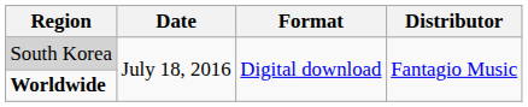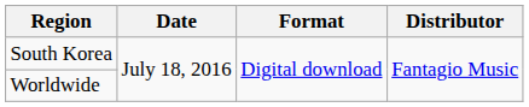 <table class="wikitable">
 <tr>
 <th>Region</th>
 <th>Date</th>
 <th>Format</th>
 <th>Distributor</th>
 </tr>
 <tr>
-<td style="background: lightgrey;">South Korea</td>
+<td>South Korea</td>
 <td rowspan="2">July 18, 2016</td>
 <td rowspan="2"><a href='#'>Digital download</a></td>
 <td rowspan="2"><a href='#'>Fantagio Music</a></td>
 </tr>
 <tr>
-<td><strong>Worldwide</strong></td>
+<td>Worldwide</td>
 </tr>
 </table>
